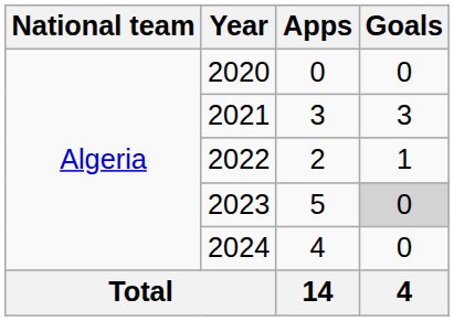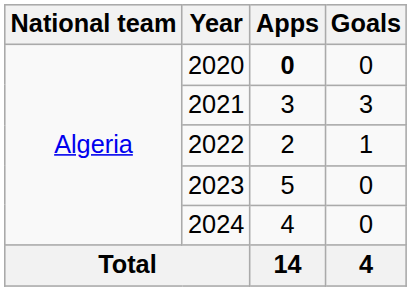 <table class="wikitable" style="text-align:center">
 <tr>
 <th>National team</th>
 <th>Year</th>
 <th>Apps</th>
 <th>Goals</th>
 </tr>
 <tr>
 <td rowspan=5><a href='#'>Algeria</a></td>
 <td>2020</td>
-<td>0</td>
+<td><strong>0</strong></td>
 <td>0</td>
 </tr>
 <tr>
 <td>2021</td>
 <td>3</td>
 <td>3</td>
 </tr>
 <tr>
 <td>2022</td>
 <td>2</td>
 <td>1</td>
 </tr>
 <tr>
 <td>2023</td>
 <td>5</td>
-<td style="background: lightgrey;">0</td>
+<td>0</td>
 </tr>
 <tr>
 <td>2024</td>
 <td>4</td>
 <td>0</td>
 </tr>
 <tr>
 <th colspan=2>Total</th>
 <th>14</th>
 <th>4</th>
 </tr>
 </table>
